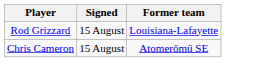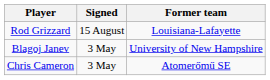 <table class="wikitable sortable sortable" style="text-align: center">
 <tr>
 <th>Player</th>
 <th>Signed</th>
 <th>Former team</th>
 </tr>
 <tr>
 <td><a href='#'>Rod Grizzard</a></td>
 <td>15 August</td>
 <td><a href='#'>Louisiana-Lafayette</a></td>
 </tr>
 <tr>
+<td><a href='#'>Blagoj Janev</a></td>
+<td>3 May</td>
+<td><a href='#'>University of New Hampshire</a></td>
+</tr>
+<tr>
 <td><a href='#'>Chris Cameron</a></td>
-<td>15 August</td>
+<td>3 May</td>
 <td><a href='#'>Atomerőmű SE</a></td>
 </tr>
 </table>
